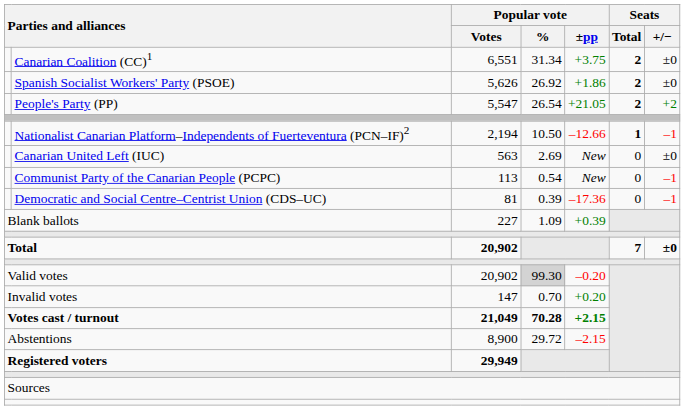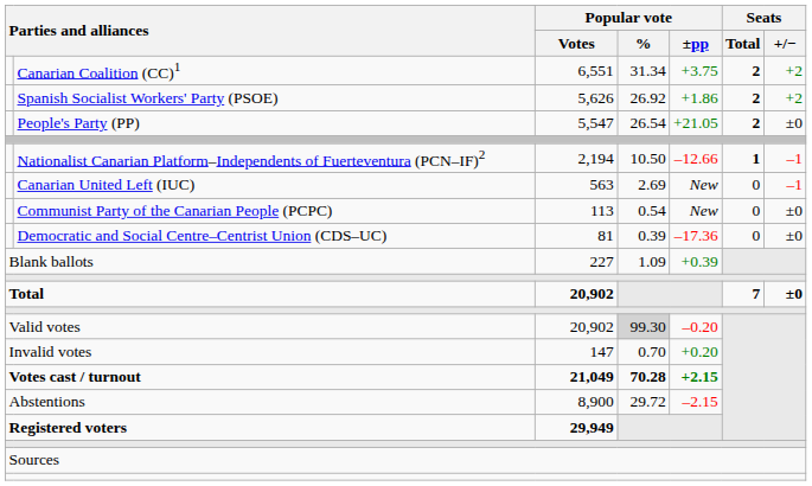 <table class="wikitable" style="text-align:right;">
 <tr>
 <th style="text-align:left;" rowspan="2" colspan="2" width="525">Parties and alliances</th>
 <th colspan="3">Popular vote</th>
 <th colspan="2">Seats</th>
 </tr>
 <tr>
 <th width="75">Votes</th>
 <th width="45">%</th>
 <th width="45">±<a href='#'>pp</a></th>
 <th width="35">Total</th>
 <th width="35">+/−</th>
 </tr>
 <tr>
 <td width="1" style="color:inherit;background:"></td>
 <td align="left"><a href='#'>Canarian Coalition</a> (CC)<sup>1</sup></td>
 <td>6,551</td>
 <td>31.34</td>
 <td style="color:green;">+3.75</td>
 <td><strong>2</strong></td>
-<td>±0</td>
+<td style="color:green;">+2</td>
 </tr>
 <tr>
 <td style="color:inherit;background:"></td>
 <td align="left"><a href='#'>Spanish Socialist Workers' Party</a> (PSOE)</td>
 <td>5,626</td>
 <td>26.92</td>
 <td style="color:green;">+1.86</td>
 <td><strong>2</strong></td>
-<td>±0</td>
+<td style="color:green;">+2</td>
 </tr>
 <tr>
 <td style="color:inherit;background:"></td>
 <td align="left"><a href='#'>People's Party</a> (PP)</td>
 <td>5,547</td>
 <td>26.54</td>
 <td style="color:green;">+21.05</td>
 <td><strong>2</strong></td>
-<td style="color:green;">+2</td>
+<td>±0</td>
 </tr>
 <tr>
 <td colspan="7" bgcolor="#C0C0C0"></td>
 </tr>
 <tr>
 <td style="color:inherit;background:"></td>
 <td align="left"><a href='#'>Nationalist Canarian Platform</a>–<a href='#'>Independents of Fuerteventura</a> (PCN–IF)<sup>2</sup></td>
 <td>2,194</td>
 <td>10.50</td>
 <td style="color:red;">–12.66</td>
 <td><strong>1</strong></td>
 <td style="color:red;">–1</td>
 </tr>
 <tr>
 <td style="color:inherit;background:"></td>
 <td align="left"><a href='#'>Canarian United Left</a> (IUC)</td>
 <td>563</td>
 <td>2.69</td>
 <td><em>New</em></td>
 <td>0</td>
-<td>±0</td>
+<td style="color:red;">–1</td>
 </tr>
 <tr>
 <td style="color:inherit;background:"></td>
 <td align="left"><a href='#'>Communist Party of the Canarian People</a> (PCPC)</td>
 <td>113</td>
 <td>0.54</td>
 <td><em>New</em></td>
 <td>0</td>
-<td style="color:red;">–1</td>
+<td>±0</td>
 </tr>
 <tr>
 <td style="color:inherit;background:"></td>
 <td align="left"><a href='#'>Democratic and Social Centre–Centrist Union</a> (CDS–UC)</td>
 <td>81</td>
 <td>0.39</td>
 <td style="color:red;">–17.36</td>
 <td>0</td>
-<td style="color:red;">–1</td>
+<td>±0</td>
 </tr>
 <tr>
 <td align="left" colspan="2">Blank ballots</td>
 <td>227</td>
 <td>1.09</td>
 <td style="color:green;">+0.39</td>
 <td bgcolor="#E9E9E9" colspan="2"></td>
 </tr>
 <tr>
 <td colspan="7" bgcolor="#E9E9E9"></td>
 </tr>
 <tr style="font-weight:bold;">
 <td align="left" colspan="2">Total</td>
 <td>20,902</td>
 <td bgcolor="#E9E9E9" colspan="2"></td>
 <td>7</td>
 <td>±0</td>
 </tr>
 <tr>
 <td colspan="7" bgcolor="#E9E9E9"></td>
 </tr>
 <tr>
 <td align="left" colspan="2">Valid votes</td>
 <td>20,902</td>
 <td style="background: lightgrey;">99.30</td>
 <td style="color:red;">–0.20</td>
 <td bgcolor="#E9E9E9" colspan="2" rowspan="5"></td>
 </tr>
 <tr>
 <td align="left" colspan="2">Invalid votes</td>
 <td>147</td>
 <td>0.70</td>
 <td style="color:green;">+0.20</td>
 </tr>
 <tr style="font-weight:bold;">
 <td align="left" colspan="2">Votes cast / turnout</td>
 <td>21,049</td>
 <td>70.28</td>
 <td style="color:green;">+2.15</td>
 </tr>
 <tr>
 <td align="left" colspan="2">Abstentions</td>
 <td>8,900</td>
 <td>29.72</td>
 <td style="color:red;">–2.15</td>
 </tr>
 <tr style="font-weight:bold;">
 <td align="left" colspan="2">Registered voters</td>
 <td>29,949</td>
 <td bgcolor="#E9E9E9" colspan="2"></td>
 </tr>
 <tr>
 <td colspan="7" bgcolor="#E9E9E9"></td>
 </tr>
 <tr>
 <td align="left" colspan="7">Sources</td>
 </tr>
 <tr>
 <td colspan="7" style="text-align:left; max-width:790px;"></td>
 </tr>
 </table>
